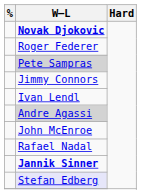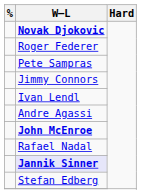 <table class="wikitable" style="display:inline-table;">
 <tr>
 <th>%</th>
 <th>W–L</th>
 <th>Hard</th>
 </tr>
 <tr>
 <td></td>
 <td> <strong><a href='#'>Novak Djokovic</a></strong></td>
 </tr>
 <tr>
 <td></td>
 <td> <a href='#'>Roger Federer</a></td>
 </tr>
 <tr>
 <td></td>
-<td style="background: lightgrey;"> <a href='#'>Pete Sampras</a></td>
+<td> <a href='#'>Pete Sampras</a></td>
 </tr>
 <tr>
 <td></td>
 <td> <a href='#'>Jimmy Connors</a></td>
 </tr>
 <tr>
 <td></td>
 <td> <a href='#'>Ivan Lendl</a></td>
 </tr>
 <tr>
 <td></td>
-<td style="background: lightgrey;"> <a href='#'>Andre Agassi</a></td>
+<td> <a href='#'>Andre Agassi</a></td>
 </tr>
 <tr>
 <td></td>
-<td> <a href='#'>John McEnroe</a></td>
+<td><strong> <a href='#'>John McEnroe</a></strong></td>
 </tr>
 <tr>
 <td></td>
 <td> <a href='#'>Rafael Nadal</a></td>
 </tr>
 <tr>
 <td></td>
-<td> <strong><a href='#'>Jannik Sinner</a></strong></td>
+<td style="background: lavender;"> <strong><a href='#'>Jannik Sinner</a></strong></td>
 </tr>
 <tr>
 <td></td>
-<td style="background: lavender;"> <a href='#'>Stefan Edberg</a></td>
+<td> <a href='#'>Stefan Edberg</a></td>
 </tr>
 <tr>
 </tr>
 </table>
